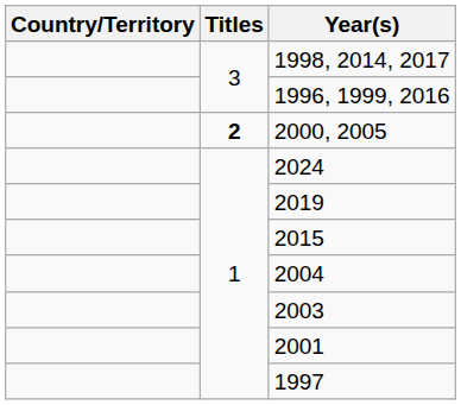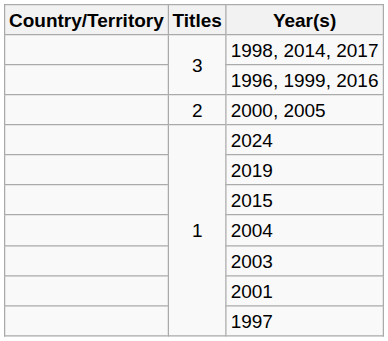 <table class="wikitable sortable" style="font-size: 95%;">
 <tr>
 <th>Country/Territory</th>
 <th>Titles</th>
 <th>Year(s)</th>
 </tr>
 <tr>
 <td><strong></strong></td>
 <td rowspan="2" style="text-align:center;">3</td>
 <td>1998, 2014, 2017</td>
 </tr>
 <tr>
 <td><strong></strong></td>
 <td>1996, 1999, 2016</td>
 </tr>
 <tr>
 <td><strong></strong></td>
-<td style="text-align:center;"><strong>2</strong></td>
+<td style="text-align:center;">2</td>
 <td>2000, 2005</td>
 </tr>
 <tr>
 <td><strong></strong></td>
 <td rowspan="7" style="text-align:center;">1</td>
 <td>2024</td>
 </tr>
 <tr>
 <td><strong></strong></td>
 <td>2019</td>
 </tr>
 <tr>
 <td><strong></strong></td>
 <td>2015</td>
 </tr>
 <tr>
 <td><strong></strong></td>
 <td>2004</td>
 </tr>
 <tr>
 <td><strong></strong></td>
 <td>2003</td>
 </tr>
 <tr>
 <td><strong></strong></td>
 <td>2001</td>
 </tr>
 <tr>
 <td><strong></strong></td>
 <td>1997</td>
 </tr>
 </table>
